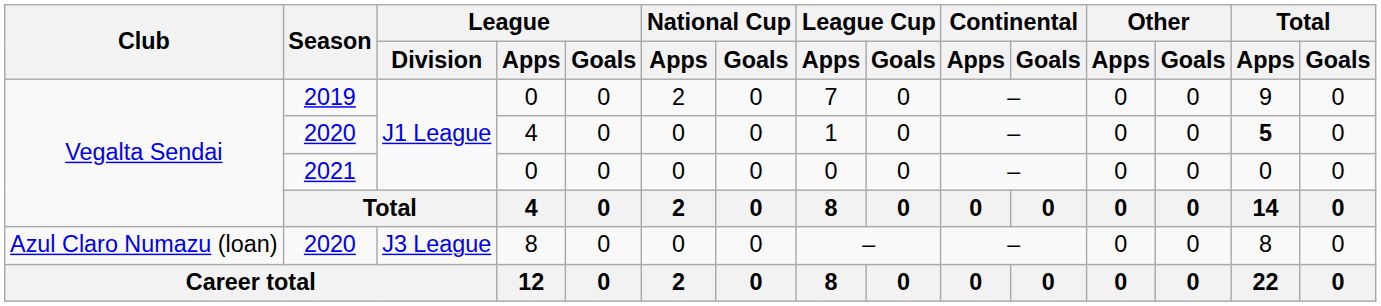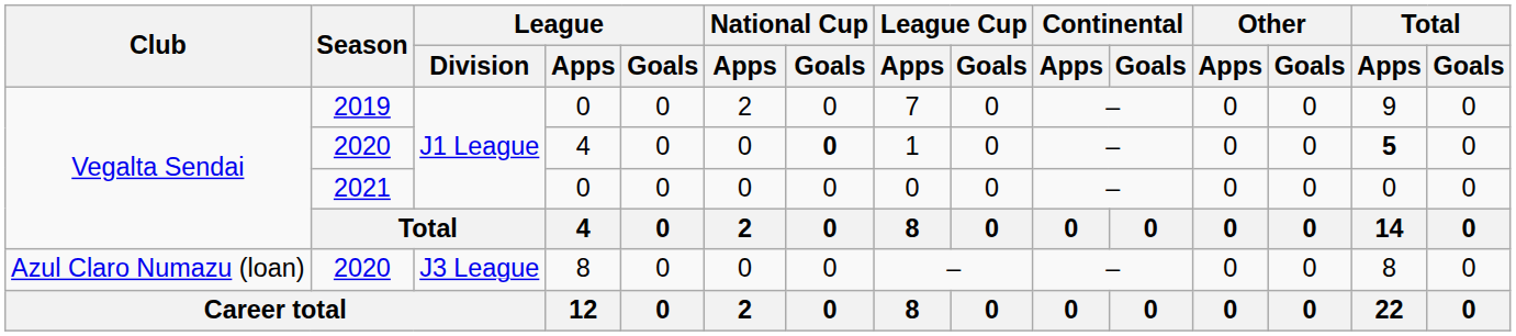 <table class="wikitable" style="text-align: center">
 <tr>
 <th rowspan="2">Club</th>
 <th rowspan="2">Season</th>
 <th colspan="3">League</th>
 <th colspan="2">National Cup</th>
 <th colspan="2">League Cup</th>
 <th colspan="2">Continental</th>
 <th colspan="2">Other</th>
 <th colspan="2">Total</th>
 </tr>
 <tr>
 <th>Division</th>
 <th>Apps</th>
 <th>Goals</th>
 <th>Apps</th>
 <th>Goals</th>
 <th>Apps</th>
 <th>Goals</th>
 <th>Apps</th>
 <th>Goals</th>
 <th>Apps</th>
 <th>Goals</th>
 <th>Apps</th>
 <th>Goals</th>
 </tr>
 <tr>
 <td rowspan="4"><a href='#'>Vegalta Sendai</a></td>
 <td><a href='#'>2019</a></td>
 <td rowspan="3"><a href='#'>J1 League</a></td>
 <td>0</td>
 <td>0</td>
 <td>2</td>
 <td>0</td>
 <td>7</td>
 <td>0</td>
 <td colspan="2">–</td>
 <td>0</td>
 <td>0</td>
 <td>9</td>
 <td>0</td>
 </tr>
 <tr>
 <td><a href='#'>2020</a></td>
 <td>4</td>
 <td>0</td>
 <td>0</td>
-<td>0</td>
+<td><strong>0</strong></td>
 <td>1</td>
 <td>0</td>
 <td colspan="2">–</td>
 <td>0</td>
 <td>0</td>
 <td><strong>5</strong></td>
 <td>0</td>
 </tr>
 <tr>
 <td><a href='#'>2021</a></td>
 <td>0</td>
 <td>0</td>
 <td>0</td>
 <td>0</td>
 <td>0</td>
 <td>0</td>
 <td colspan="2">–</td>
 <td>0</td>
 <td>0</td>
 <td>0</td>
 <td>0</td>
 </tr>
 <tr>
 <th colspan=2>Total</th>
 <th>4</th>
 <th>0</th>
 <th>2</th>
 <th>0</th>
 <th>8</th>
 <th>0</th>
 <th>0</th>
 <th>0</th>
 <th>0</th>
 <th>0</th>
 <th>14</th>
 <th>0</th>
 </tr>
 <tr>
 <td><a href='#'>Azul Claro Numazu</a> (loan)</td>
 <td><a href='#'>2020</a></td>
 <td><a href='#'>J3 League</a></td>
 <td>8</td>
 <td>0</td>
 <td>0</td>
 <td>0</td>
 <td colspan="2">–</td>
 <td colspan="2">–</td>
 <td>0</td>
 <td>0</td>
 <td>8</td>
 <td>0</td>
 </tr>
 <tr>
 <th colspan=3>Career total</th>
 <th>12</th>
 <th>0</th>
 <th>2</th>
 <th>0</th>
 <th>8</th>
 <th>0</th>
 <th>0</th>
 <th>0</th>
 <th>0</th>
 <th>0</th>
 <th>22</th>
 <th>0</th>
 </tr>
 </table>
